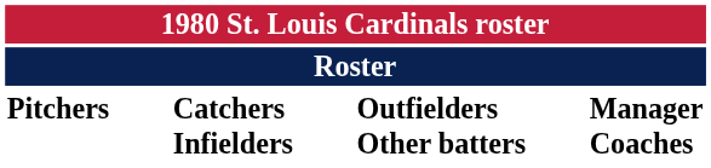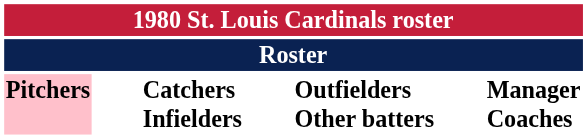 <table class="toccolours" style="font-size: 95%;">
 <tr>
 <th colspan="10" style="background-color: #c41e3a; color: #FFFFFF; text-align: center;">1980 St. Louis Cardinals roster</th>
 </tr>
 <tr>
 <td colspan="10" style="background-color: #0a2252; color: #FFFFFF; text-align: center;"><strong>Roster</strong></td>
 </tr>
 <tr>
-<td valign="top"><strong>Pitchers</strong><br>                    </td>
+<td valign="top" style="background: pink;"><strong>Pitchers</strong><br>                    </td>
 <td width="25px"></td>
 <td valign="top"><strong>Catchers</strong><br>   <strong>Infielders</strong>         </td>
 <td width="25px"></td>
 <td valign="top"><strong>Outfielders</strong><br>        <strong>Other batters</strong> </td>
 <td width="25px"></td>
 <td valign="top"><strong>Manager</strong><br>    <strong>Coaches</strong>     </td>
 </tr>
 </table>
